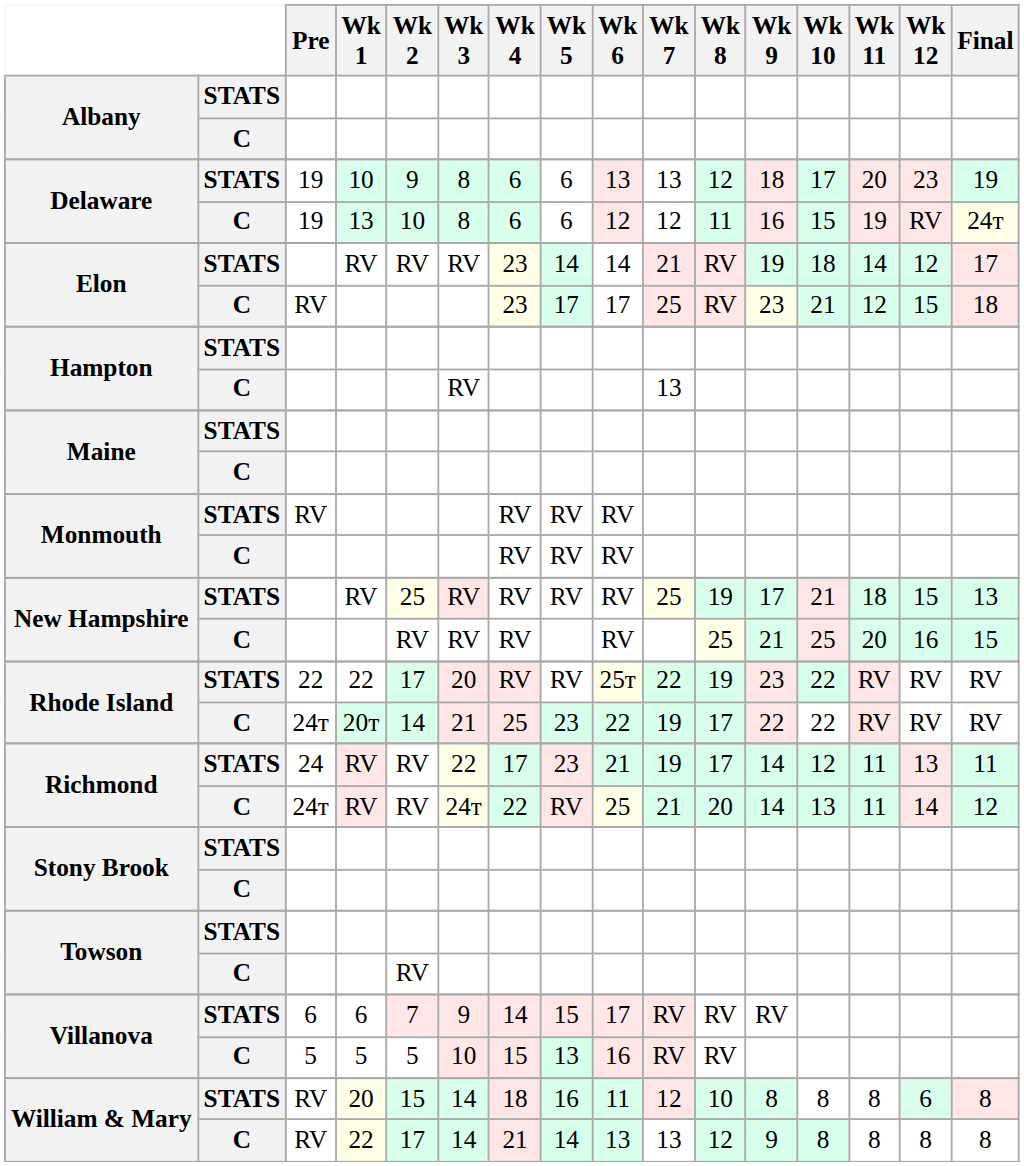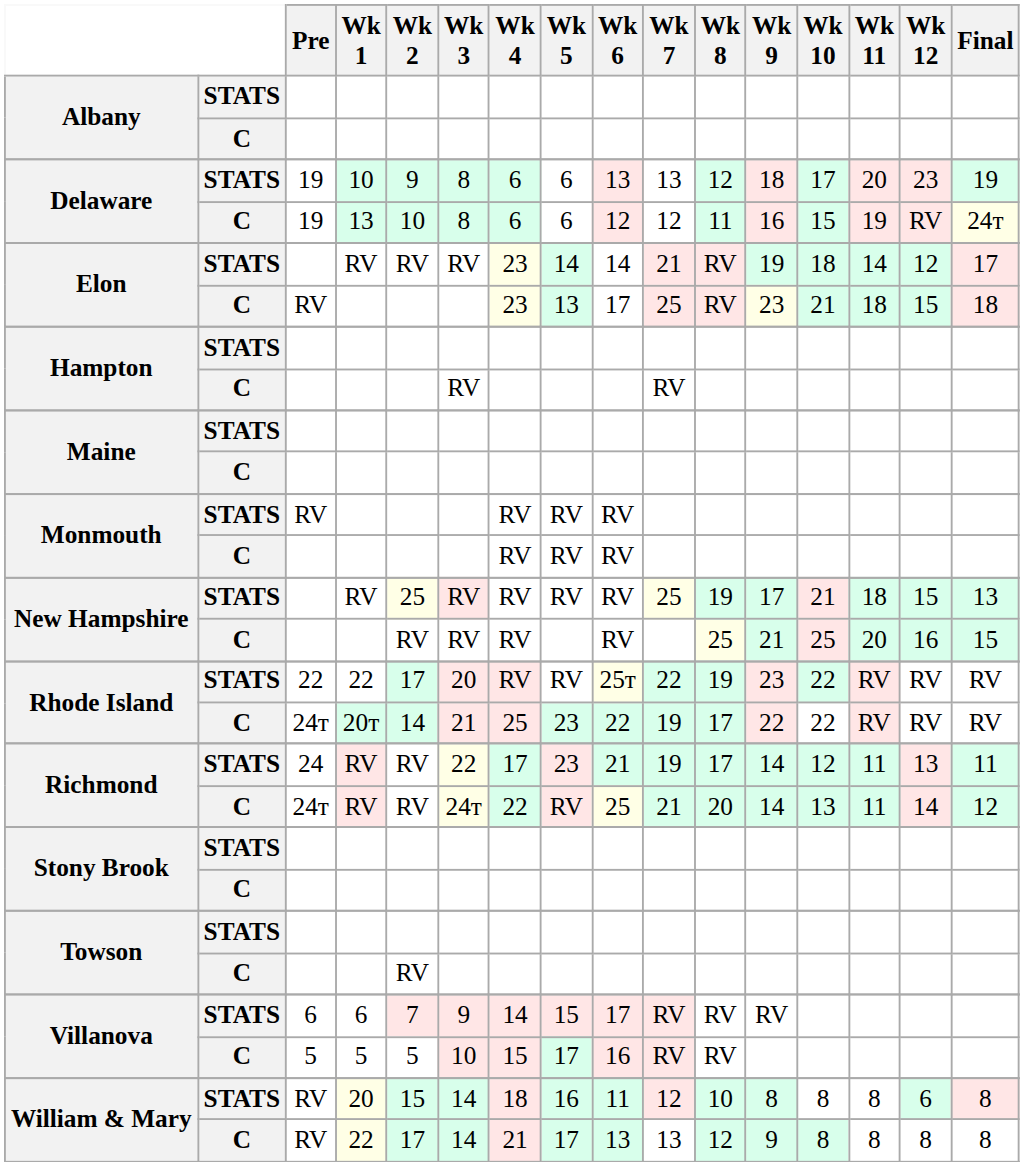 <table class="wikitable" style="white-space:nowrap;font-size:85%;">
 <tr>
 <th colspan=2 style="background:white; border-top-style:hidden; border-left-style:hidden;"> </th>
 <th>Pre</th>
 <th>Wk<br>1</th>
 <th>Wk<br>2</th>
 <th>Wk<br>3</th>
 <th>Wk<br>4</th>
 <th>Wk<br>5</th>
 <th>Wk<br>6</th>
 <th>Wk<br>7</th>
 <th>Wk<br>8</th>
 <th>Wk<br>9</th>
 <th>Wk<br>10</th>
 <th>Wk<br>11</th>
 <th>Wk<br>12</th>
 <th>Final</th>
 </tr>
 <tr style="text-align:center;">
 <th rowspan="2">Albany</th>
 <th>STATS</th>
 <td style="background:#FFF;"></td>
 <td style="background:#FFF;"></td>
 <td style="background:#FFF;"></td>
 <td style="background:#FFF;"></td>
 <td style="background:#FFF;"></td>
 <td style="background:#FFF;"></td>
 <td style="background:#FFF;"></td>
 <td style="background:#FFF;"></td>
 <td style="background:#FFF;"></td>
 <td style="background:#FFF;"></td>
 <td style="background:#FFF;"></td>
 <td style="background:#FFF;"></td>
 <td style="background:#FFF;"></td>
 <td style="background:#FFF;"></td>
 </tr>
 <tr style="text-align:center;">
 <th>C</th>
 <td style="background:#FFF;"></td>
 <td style="background:#FFF;"></td>
 <td style="background:#FFF;"></td>
 <td style="background:#FFF;"></td>
 <td style="background:#FFF;"></td>
 <td style="background:#FFF;"></td>
 <td style="background:#FFF;"></td>
 <td style="background:#FFF;"></td>
 <td style="background:#FFF;"></td>
 <td style="background:#FFF;"></td>
 <td style="background:#FFF;"></td>
 <td style="background:#FFF;"></td>
 <td style="background:#FFF;"></td>
 <td style="background:#FFF;"></td>
 </tr>
 <tr style="text-align:center;">
 </tr>
 <tr style="text-align:center;">
 <th rowspan="2">Delaware</th>
 <th>STATS</th>
 <td style="background:#FFF;">19</td>
 <td style="background:#d8ffeb;">10</td>
 <td style="background:#d8ffeb;">9</td>
 <td style="background:#d8ffeb;">8</td>
 <td style="background:#d8ffeb;">6</td>
 <td style="background:#FFF;">6</td>
 <td style="background:#ffe6e6;">13</td>
 <td style="background:#FFF;">13</td>
 <td style="background:#d8ffeb;">12</td>
 <td style="background:#ffe6e6;">18</td>
 <td style="background:#d8ffeb;">17</td>
 <td style="background:#ffe6e6;">20</td>
 <td style="background:#ffe6e6;">23</td>
 <td style="background:#d8ffeb;">19</td>
 </tr>
 <tr style="text-align:center;">
 <th>C</th>
 <td style="background:#FFF;">19</td>
 <td style="background:#d8ffeb;">13</td>
 <td style="background:#d8ffeb;">10</td>
 <td style="background:#d8ffeb;">8</td>
 <td style="background:#d8ffeb;">6</td>
 <td style="background:#FFF;">6</td>
 <td style="background:#ffe6e6;">12</td>
 <td style="background:#FFF;">12</td>
 <td style="background:#d8ffeb;">11</td>
 <td style="background:#ffe6e6;">16</td>
 <td style="background:#d8ffeb;">15</td>
 <td style="background:#ffe6e6;">19</td>
 <td style="background:#ffe6e6;">RV</td>
 <td style="background:#ffffe6;">24т</td>
 </tr>
 <tr style="text-align:center;">
 </tr>
 <tr style="text-align:center;">
 <th rowspan="2">Elon</th>
 <th>STATS</th>
 <td style="background:#FFF;"></td>
 <td style="background:#FFF;">RV</td>
 <td style="background:#FFF;">RV</td>
 <td style="background:#FFF;">RV</td>
 <td style="background:#ffffe6;">23</td>
 <td style="background:#d8ffeb;">14</td>
 <td style="background:#FFF;">14</td>
 <td style="background:#ffe6e6;">21</td>
 <td style="background:#ffe6e6;">RV</td>
 <td style="background:#d8ffeb;">19</td>
 <td style="background:#d8ffeb;">18</td>
 <td style="background:#d8ffeb;">14</td>
 <td style="background:#d8ffeb;">12</td>
 <td style="background:#ffe6e6;">17</td>
 </tr>
 <tr style="text-align:center;">
 <th>C</th>
 <td style="background:#FFF;">RV</td>
 <td style="background:#FFF;"></td>
 <td style="background:#FFF;"></td>
 <td style="background:#FFF;"></td>
 <td style="background:#ffffe6;">23</td>
-<td style="background:#d8ffeb;">17</td>
+<td style="background:#d8ffeb;">13</td>
 <td style="background:#FFF;">17</td>
 <td style="background:#ffe6e6;">25</td>
 <td style="background:#ffe6e6;">RV</td>
 <td style="background:#ffffe6;">23</td>
 <td style="background:#d8ffeb;">21</td>
-<td style="background:#d8ffeb;">12</td>
+<td style="background:#d8ffeb;">18</td>
 <td style="background:#d8ffeb;">15</td>
 <td style="background:#ffe6e6;">18</td>
 </tr>
 <tr style="text-align:center;">
 </tr>
 <tr style="text-align:center;">
 <th rowspan="2">Hampton</th>
 <th>STATS</th>
 <td style="background:#FFF;"></td>
 <td style="background:#FFF;"></td>
 <td style="background:#FFF;"></td>
 <td style="background:#FFF;"></td>
 <td style="background:#FFF;"></td>
 <td style="background:#FFF;"></td>
 <td style="background:#FFF;"></td>
 <td style="background:#FFF;"></td>
 <td style="background:#FFF;"></td>
 <td style="background:#FFF;"></td>
 <td style="background:#FFF;"></td>
 <td style="background:#FFF;"></td>
 <td style="background:#FFF;"></td>
 <td style="background:#FFF;"></td>
 </tr>
 <tr style="text-align:center;">
 <th>C</th>
 <td style="background:#FFF;"></td>
 <td style="background:#FFF;"></td>
 <td style="background:#FFF;"></td>
 <td style="background:#FFF;">RV</td>
 <td style="background:#FFF;"></td>
 <td style="background:#FFF;"></td>
 <td style="background:#FFF;"></td>
-<td style="background:#FFF;">13</td>
+<td style="background:#FFF;">RV</td>
 <td style="background:#FFF;"></td>
 <td style="background:#FFF;"></td>
 <td style="background:#FFF;"></td>
 <td style="background:#FFF;"></td>
 <td style="background:#FFF;"></td>
 <td style="background:#FFF;"></td>
 </tr>
 <tr style="text-align:center;">
 </tr>
 <tr style="text-align:center;">
 <th rowspan="2">Maine</th>
 <th>STATS</th>
 <td style="background:#FFF;"></td>
 <td style="background:#FFF;"></td>
 <td style="background:#FFF;"></td>
 <td style="background:#FFF;"></td>
 <td style="background:#FFF;"></td>
 <td style="background:#FFF;"></td>
 <td style="background:#FFF;"></td>
 <td style="background:#FFF;"></td>
 <td style="background:#FFF;"></td>
 <td style="background:#FFF;"></td>
 <td style="background:#FFF;"></td>
 <td style="background:#FFF;"></td>
 <td style="background:#FFF;"></td>
 <td style="background:#FFF;"></td>
 </tr>
 <tr style="text-align:center;">
 <th>C</th>
 <td style="background:#FFF;"></td>
 <td style="background:#FFF;"></td>
 <td style="background:#FFF;"></td>
 <td style="background:#FFF;"></td>
 <td style="background:#FFF;"></td>
 <td style="background:#FFF;"></td>
 <td style="background:#FFF;"></td>
 <td style="background:#FFF;"></td>
 <td style="background:#FFF;"></td>
 <td style="background:#FFF;"></td>
 <td style="background:#FFF;"></td>
 <td style="background:#FFF;"></td>
 <td style="background:#FFF;"></td>
 <td style="background:#FFF;"></td>
 </tr>
 <tr style="text-align:center;">
 </tr>
 <tr style="text-align:center;">
 <th rowspan="2">Monmouth</th>
 <th>STATS</th>
 <td style="background:#FFF;">RV</td>
 <td style="background:#FFF;"></td>
 <td style="background:#FFF;"></td>
 <td style="background:#FFF;"></td>
 <td style="background:#FFF;">RV</td>
 <td style="background:#FFF;">RV</td>
 <td style="background:#FFF;">RV</td>
 <td style="background:#FFF;"></td>
 <td style="background:#FFF;"></td>
 <td style="background:#FFF;"></td>
 <td style="background:#FFF;"></td>
 <td style="background:#FFF;"></td>
 <td style="background:#FFF;"></td>
 <td style="background:#FFF;"></td>
 </tr>
 <tr style="text-align:center;">
 <th>C</th>
 <td style="background:#FFF;"></td>
 <td style="background:#FFF;"></td>
 <td style="background:#FFF;"></td>
 <td style="background:#FFF;"></td>
 <td style="background:#FFF;">RV</td>
 <td style="background:#FFF;">RV</td>
 <td style="background:#FFF;">RV</td>
 <td style="background:#FFF;"></td>
 <td style="background:#FFF;"></td>
 <td style="background:#FFF;"></td>
 <td style="background:#FFF;"></td>
 <td style="background:#FFF;"></td>
 <td style="background:#FFF;"></td>
 <td style="background:#FFF;"></td>
 </tr>
 <tr style="text-align:center;">
 </tr>
 <tr style="text-align:center;">
 <th rowspan="2">New Hampshire</th>
 <th>STATS</th>
 <td style="background:#FFF;"></td>
 <td style="background:#FFF;">RV</td>
 <td style="background:#ffffe6;">25</td>
 <td style="background:#ffe6e6;">RV</td>
 <td style="background:#FFF;">RV</td>
 <td style="background:#FFF;">RV</td>
 <td style="background:#FFF;">RV</td>
 <td style="background:#ffffe6;">25</td>
 <td style="background:#d8ffeb;">19</td>
 <td style="background:#d8ffeb;">17</td>
 <td style="background:#ffe6e6;">21</td>
 <td style="background:#d8ffeb;">18</td>
 <td style="background:#d8ffeb;">15</td>
 <td style="background:#d8ffeb;">13</td>
 </tr>
 <tr style="text-align:center;">
 <th>C</th>
 <td style="background:#FFF;"></td>
 <td style="background:#FFF;"></td>
 <td style="background:#FFF;">RV</td>
 <td style="background:#FFF;">RV</td>
 <td style="background:#FFF;">RV</td>
 <td style="background:#FFF;"></td>
 <td style="background:#FFF;">RV</td>
 <td style="background:#FFF;"></td>
 <td style="background:#ffffe6;">25</td>
 <td style="background:#d8ffeb;">21</td>
 <td style="background:#ffe6e6;">25</td>
 <td style="background:#d8ffeb;">20</td>
 <td style="background:#d8ffeb;">16</td>
 <td style="background:#d8ffeb;">15</td>
 </tr>
 <tr style="text-align:center;">
 </tr>
 <tr style="text-align:center;">
 <th rowspan="2">Rhode Island</th>
 <th>STATS</th>
 <td style="background:#FFF;">22</td>
 <td style="background:#FFF;">22</td>
 <td style="background:#d8ffeb;">17</td>
 <td style="background:#ffe6e6;">20</td>
 <td style="background:#ffe6e6;">RV</td>
 <td style="background:#FFF;">RV</td>
 <td style="background:#ffffe6;">25т</td>
 <td style="background:#d8ffeb;">22</td>
 <td style="background:#d8ffeb;">19</td>
 <td style="background:#ffe6e6;">23</td>
 <td style="background:#d8ffeb;">22</td>
 <td style="background:#ffe6e6;">RV</td>
 <td style="background:#FFF;">RV</td>
 <td style="background:#FFF;">RV</td>
 </tr>
 <tr style="text-align:center;">
 <th>C</th>
 <td style="background:#FFF;">24т</td>
 <td style="background:#d8ffeb;">20т</td>
 <td style="background:#d8ffeb;">14</td>
 <td style="background:#ffe6e6;">21</td>
 <td style="background:#ffe6e6;">25</td>
 <td style="background:#d8ffeb;">23</td>
 <td style="background:#d8ffeb;">22</td>
 <td style="background:#d8ffeb;">19</td>
 <td style="background:#d8ffeb;">17</td>
 <td style="background:#ffe6e6;">22</td>
 <td style="background:#FFF;">22</td>
 <td style="background:#ffe6e6;">RV</td>
 <td style="background:#FFF;">RV</td>
 <td style="background:#FFF;">RV</td>
 </tr>
 <tr style="text-align:center;">
 </tr>
 <tr style="text-align:center;">
 <th rowspan="2">Richmond</th>
 <th>STATS</th>
 <td style="background:#FFF;">24</td>
 <td style="background:#ffe6e6;">RV</td>
 <td style="background:#FFF;">RV</td>
 <td style="background:#ffffe6;">22</td>
 <td style="background:#d8ffeb;">17</td>
 <td style="background:#ffe6e6;">23</td>
 <td style="background:#d8ffeb;">21</td>
 <td style="background:#d8ffeb;">19</td>
 <td style="background:#d8ffeb;">17</td>
 <td style="background:#d8ffeb;">14</td>
 <td style="background:#d8ffeb;">12</td>
 <td style="background:#d8ffeb;">11</td>
 <td style="background:#ffe6e6;">13</td>
 <td style="background:#d8ffeb;">11</td>
 </tr>
 <tr style="text-align:center;">
 <th>C</th>
 <td style="background:#FFF;">24т</td>
 <td style="background:#ffe6e6;">RV</td>
 <td style="background:#FFF;">RV</td>
 <td style="background:#ffffe6;">24т</td>
 <td style="background:#d8ffeb;">22</td>
 <td style="background:#ffe6e6;">RV</td>
 <td style="background:#ffffe6;">25</td>
 <td style="background:#d8ffeb;">21</td>
 <td style="background:#d8ffeb;">20</td>
 <td style="background:#d8ffeb;">14</td>
 <td style="background:#d8ffeb;">13</td>
 <td style="background:#d8ffeb;">11</td>
 <td style="background:#ffe6e6;">14</td>
 <td style="background:#d8ffeb;">12</td>
 </tr>
 <tr style="text-align:center;">
 </tr>
 <tr style="text-align:center;">
 <th rowspan="2">Stony Brook</th>
 <th>STATS</th>
 <td style="background:#FFF;"></td>
 <td style="background:#FFF;"></td>
 <td style="background:#FFF;"></td>
 <td style="background:#FFF;"></td>
 <td style="background:#FFF;"></td>
 <td style="background:#FFF;"></td>
 <td style="background:#FFF;"></td>
 <td style="background:#FFF;"></td>
 <td style="background:#FFF;"></td>
 <td style="background:#FFF;"></td>
 <td style="background:#FFF;"></td>
 <td style="background:#FFF;"></td>
 <td style="background:#FFF;"></td>
 <td style="background:#FFF;"></td>
 </tr>
 <tr style="text-align:center;">
 <th>C</th>
 <td style="background:#FFF;"></td>
 <td style="background:#FFF;"></td>
 <td style="background:#FFF;"></td>
 <td style="background:#FFF;"></td>
 <td style="background:#FFF;"></td>
 <td style="background:#FFF;"></td>
 <td style="background:#FFF;"></td>
 <td style="background:#FFF;"></td>
 <td style="background:#FFF;"></td>
 <td style="background:#FFF;"></td>
 <td style="background:#FFF;"></td>
 <td style="background:#FFF;"></td>
 <td style="background:#FFF;"></td>
 <td style="background:#FFF;"></td>
 </tr>
 <tr style="text-align:center;">
 </tr>
 <tr style="text-align:center;">
 <th rowspan="2">Towson</th>
 <th>STATS</th>
 <td style="background:#FFF;"></td>
 <td style="background:#FFF;"></td>
 <td style="background:#FFF;"></td>
 <td style="background:#FFF;"></td>
 <td style="background:#FFF;"></td>
 <td style="background:#FFF;"></td>
 <td style="background:#FFF;"></td>
 <td style="background:#FFF;"></td>
 <td style="background:#FFF;"></td>
 <td style="background:#FFF;"></td>
 <td style="background:#FFF;"></td>
 <td style="background:#FFF;"></td>
 <td style="background:#FFF;"></td>
 <td style="background:#FFF;"></td>
 </tr>
 <tr style="text-align:center;">
 <th>C</th>
 <td style="background:#FFF;"></td>
 <td style="background:#FFF;"></td>
 <td style="background:#FFF;">RV</td>
 <td style="background:#FFF;"></td>
 <td style="background:#FFF;"></td>
 <td style="background:#FFF;"></td>
 <td style="background:#FFF;"></td>
 <td style="background:#FFF;"></td>
 <td style="background:#FFF;"></td>
 <td style="background:#FFF;"></td>
 <td style="background:#FFF;"></td>
 <td style="background:#FFF;"></td>
 <td style="background:#FFF;"></td>
 <td style="background:#FFF;"></td>
 </tr>
 <tr style="text-align:center;">
 </tr>
 <tr style="text-align:center;">
 <th rowspan="2">Villanova</th>
 <th>STATS</th>
 <td style="background:#FFF;">6</td>
 <td style="background:#FFF;">6</td>
 <td style="background:#ffe6e6;">7</td>
 <td style="background:#ffe6e6;">9</td>
 <td style="background:#ffe6e6;">14</td>
 <td style="background:#ffe6e6;">15</td>
 <td style="background:#ffe6e6;">17</td>
 <td style="background:#ffe6e6;">RV</td>
 <td style="background:#FFF;">RV</td>
 <td style="background:#FFF;">RV</td>
 <td style="background:#FFF;"></td>
 <td style="background:#FFF;"></td>
 <td style="background:#FFF;"></td>
 <td style="background:#FFF;"></td>
 </tr>
 <tr style="text-align:center;">
 <th>C</th>
 <td style="background:#FFF;">5</td>
 <td style="background:#FFF;">5</td>
 <td style="background:#FFF;">5</td>
 <td style="background:#ffe6e6;">10</td>
 <td style="background:#ffe6e6;">15</td>
-<td style="background:#d8ffeb;">13</td>
+<td style="background:#d8ffeb;">17</td>
 <td style="background:#ffe6e6;">16</td>
 <td style="background:#ffe6e6;">RV</td>
 <td style="background:#FFF;">RV</td>
 <td style="background:#FFF;"></td>
 <td style="background:#FFF;"></td>
 <td style="background:#FFF;"></td>
 <td style="background:#FFF;"></td>
 <td style="background:#FFF;"></td>
 </tr>
 <tr style="text-align:center;">
 </tr>
 <tr style="text-align:center;">
 <th rowspan="2">William & Mary</th>
 <th>STATS</th>
 <td style="background:#FFF;">RV</td>
 <td style="background:#ffffe6;">20</td>
 <td style="background:#d8ffeb;">15</td>
 <td style="background:#d8ffeb;">14</td>
 <td style="background:#ffe6e6;">18</td>
 <td style="background:#d8ffeb;">16</td>
 <td style="background:#d8ffeb;">11</td>
 <td style="background:#ffe6e6;">12</td>
 <td style="background:#d8ffeb;">10</td>
 <td style="background:#d8ffeb;">8</td>
 <td style="background:#FFF;">8</td>
 <td style="background:#FFF;">8</td>
 <td style="background:#d8ffeb;">6</td>
 <td style="background:#ffe6e6;">8</td>
 </tr>
 <tr style="text-align:center;">
 <th>C</th>
 <td style="background:#FFF;">RV</td>
 <td style="background:#ffffe6;">22</td>
 <td style="background:#d8ffeb;">17</td>
 <td style="background:#d8ffeb;">14</td>
 <td style="background:#ffe6e6;">21</td>
-<td style="background:#d8ffeb;">14</td>
+<td style="background:#d8ffeb;">17</td>
 <td style="background:#d8ffeb;">13</td>
 <td style="background:#FFF;">13</td>
 <td style="background:#d8ffeb;">12</td>
 <td style="background:#d8ffeb;">9</td>
 <td style="background:#d8ffeb;">8</td>
 <td style="background:#FFF;">8</td>
 <td style="background:#FFF;">8</td>
 <td style="background:#FFF;">8</td>
 </tr>
 <tr style="text-align:center;">
 </tr>
 </table>
